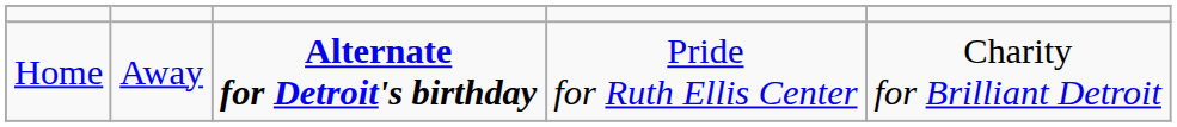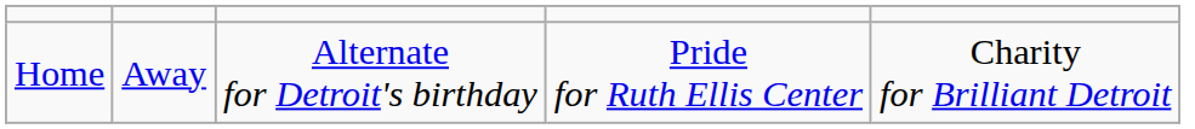 <table class=wikitable style="text-align: center;">
 <tr>
 <td></td>
 <td></td>
 <td></td>
 <td></td>
 <td></td>
 </tr>
 <tr>
 <td><a href='#'>Home</a></td>
 <td><a href='#'>Away</a></td>
-<td><strong><a href='#'>Alternate</a><br><em>for <a href='#'>Detroit</a>'s birthday</em></strong></td>
+<td><a href='#'>Alternate</a><br><em>for <a href='#'>Detroit</a>'s birthday</em></td>
 <td><a href='#'>Pride</a><br><em>for <a href='#'>Ruth Ellis Center</a></em></td>
 <td>Charity<br><em>for <a href='#'>Brilliant Detroit</a></em></td>
 </tr>
 </table>
